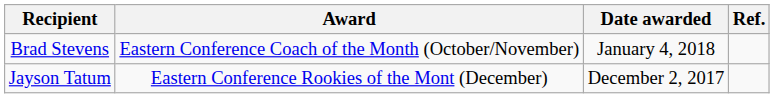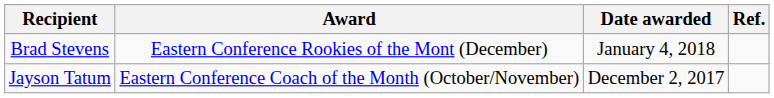 <table class="wikitable sortable mw-collapsible" style="text-align: center">
 <tr>
 <th>Recipient</th>
 <th>Award</th>
 <th>Date awarded</th>
 <th>Ref.</th>
 </tr>
 <tr>
 <td><a href='#'>Brad Stevens</a></td>
-<td><a href='#'>Eastern Conference Coach of the Month</a> (October/November)</td>
+<td><a href='#'>Eastern Conference Rookies of the Mont</a> (December)</td>
 <td>January 4, 2018</td>
 <td></td>
 </tr>
 <tr>
 <td><a href='#'>Jayson Tatum</a></td>
-<td><a href='#'>Eastern Conference Rookies of the Mont</a> (December)</td>
+<td><a href='#'>Eastern Conference Coach of the Month</a> (October/November)</td>
 <td>December 2, 2017</td>
 <td></td>
 </tr>
 </table>
